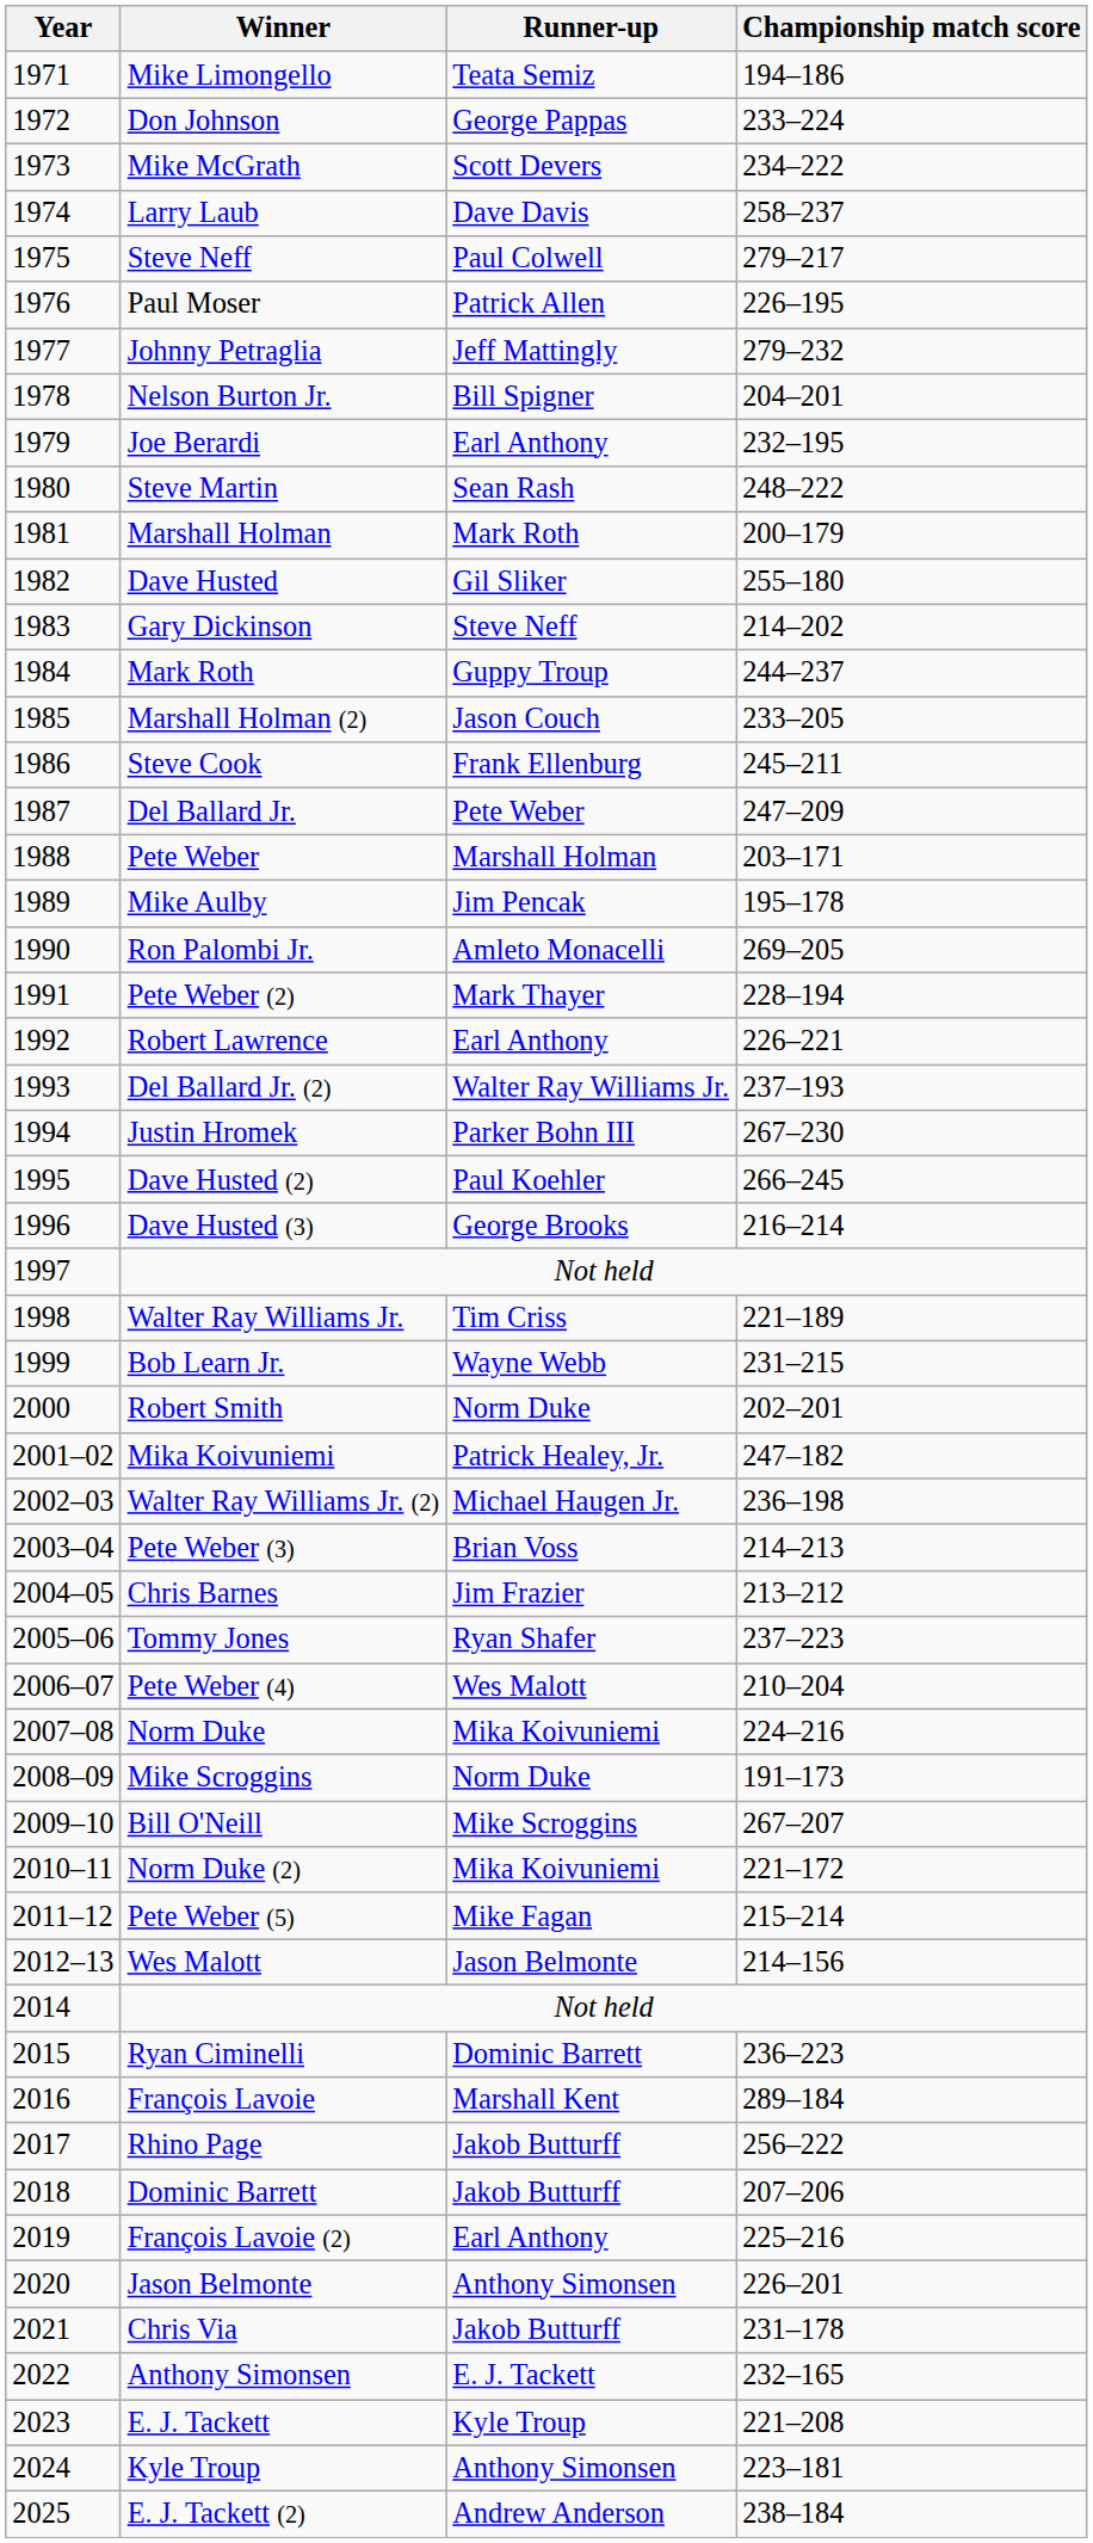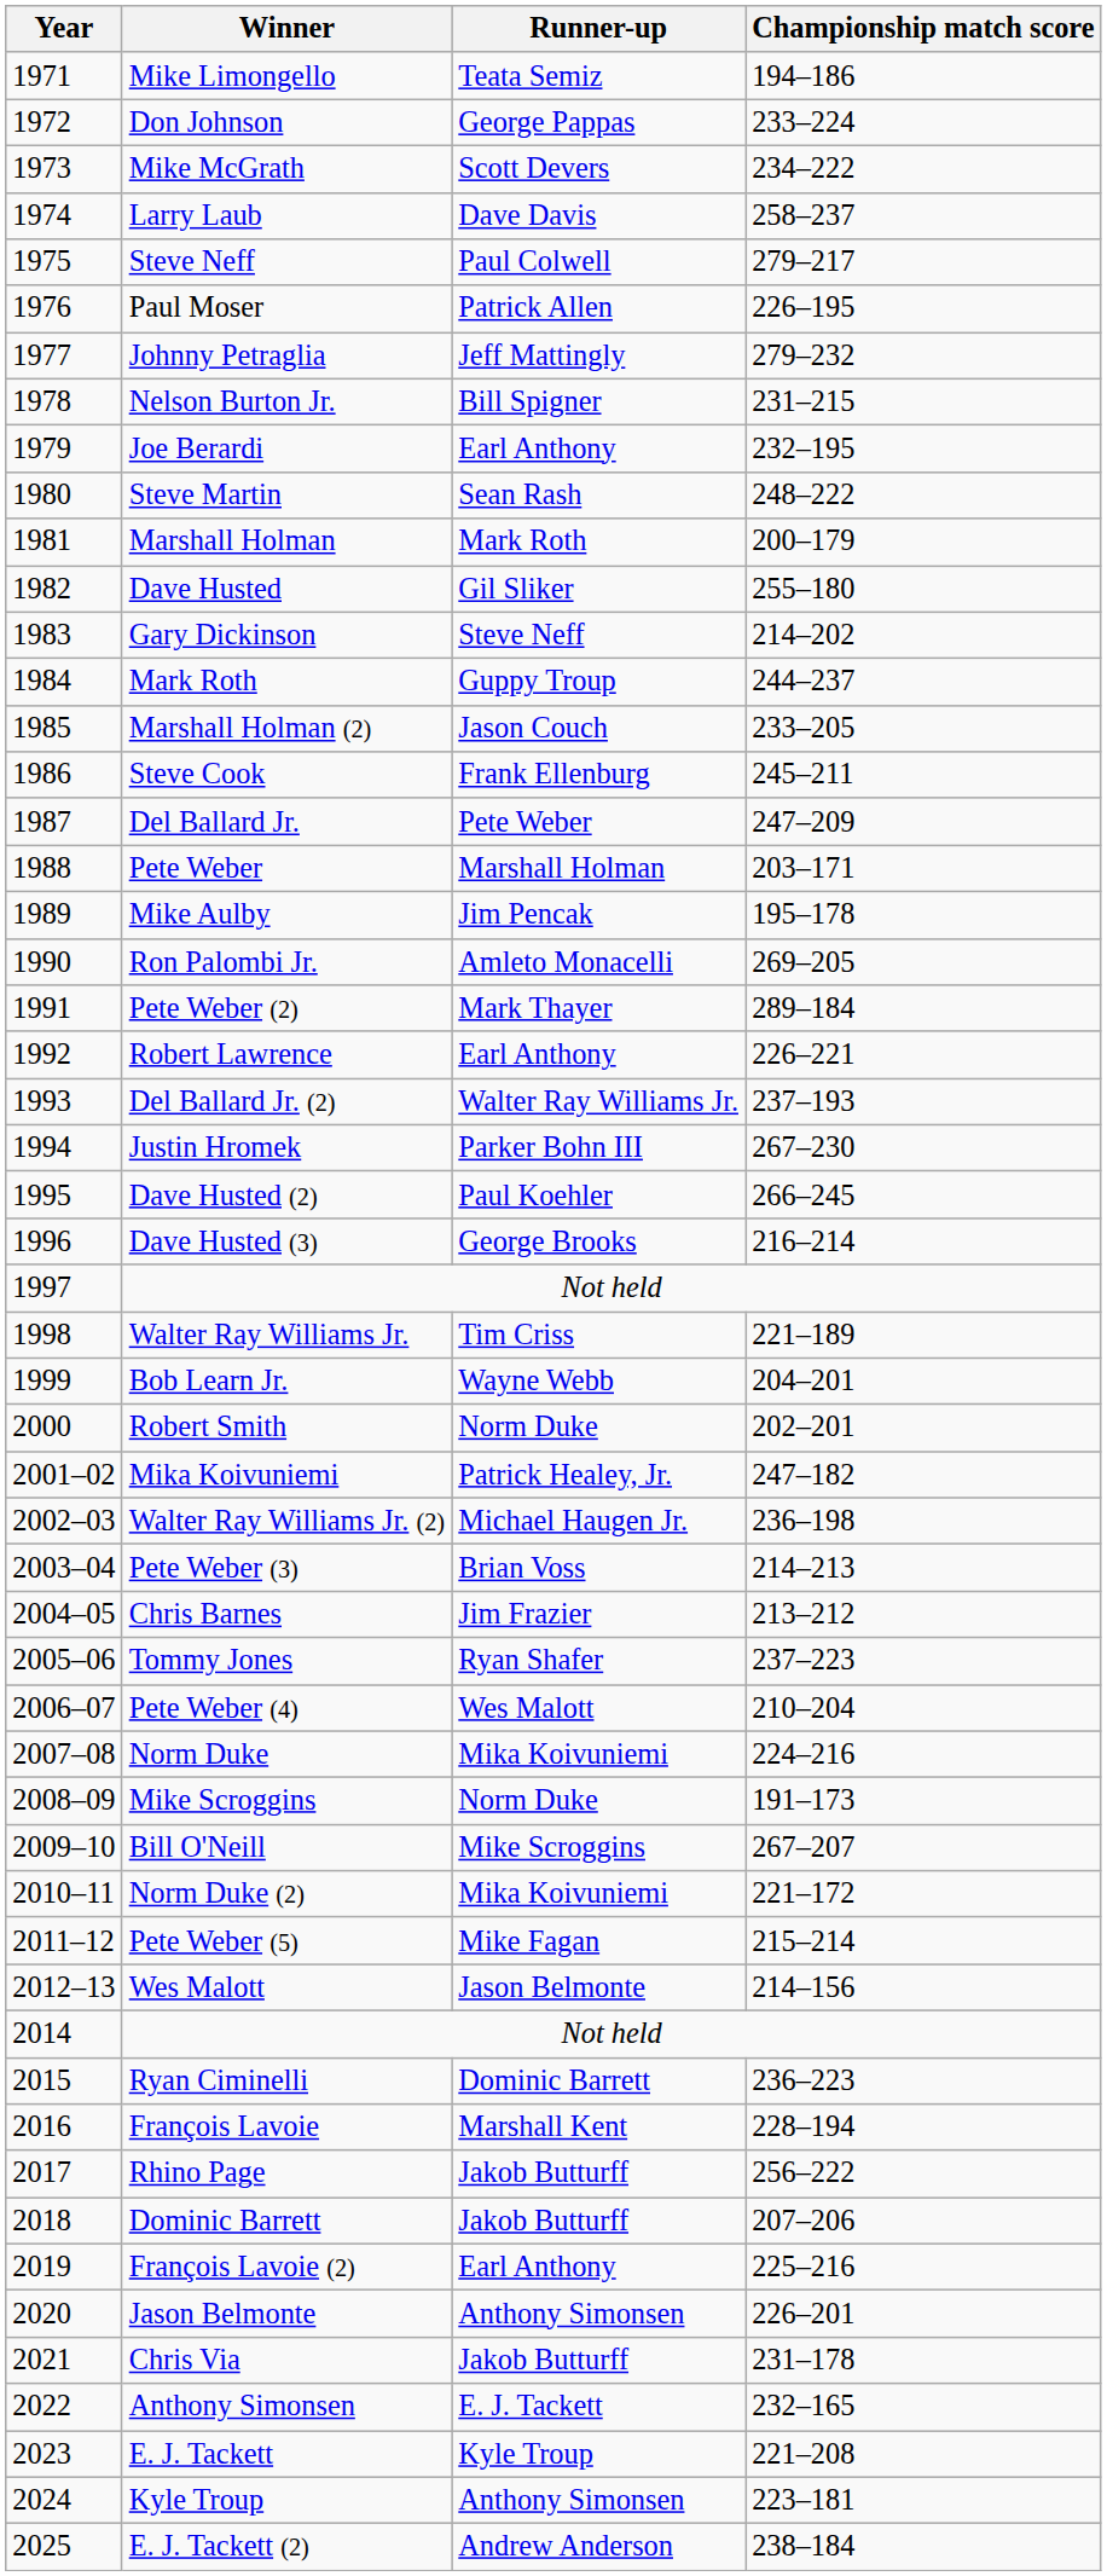 <table class="wikitable">
 <tr>
 <th>Year</th>
 <th>Winner</th>
 <th>Runner-up</th>
 <th>Championship match score</th>
 </tr>
 <tr>
 <td>1971</td>
 <td><a href='#'>Mike Limongello</a></td>
 <td><a href='#'>Teata Semiz</a></td>
 <td>194–186</td>
 </tr>
 <tr>
 <td>1972</td>
 <td><a href='#'>Don Johnson</a></td>
 <td><a href='#'>George Pappas</a></td>
 <td>233–224</td>
 </tr>
 <tr>
 <td>1973</td>
 <td><a href='#'>Mike McGrath</a></td>
 <td><a href='#'>Scott Devers</a></td>
 <td>234–222</td>
 </tr>
 <tr>
 <td>1974</td>
 <td><a href='#'>Larry Laub</a></td>
 <td><a href='#'>Dave Davis</a></td>
 <td>258–237</td>
 </tr>
 <tr>
 <td>1975</td>
 <td><a href='#'>Steve Neff</a></td>
 <td><a href='#'>Paul Colwell</a></td>
 <td>279–217</td>
 </tr>
 <tr>
 <td>1976</td>
 <td>Paul Moser</td>
 <td><a href='#'>Patrick Allen</a></td>
 <td>226–195</td>
 </tr>
 <tr>
 <td>1977</td>
 <td><a href='#'>Johnny Petraglia</a></td>
 <td><a href='#'>Jeff Mattingly</a></td>
 <td>279–232</td>
 </tr>
 <tr>
 <td>1978</td>
 <td><a href='#'>Nelson Burton Jr.</a></td>
 <td><a href='#'>Bill Spigner</a></td>
-<td>204–201</td>
+<td>231–215</td>
 </tr>
 <tr>
 <td>1979</td>
 <td><a href='#'>Joe Berardi</a></td>
 <td><a href='#'>Earl Anthony</a></td>
 <td>232–195</td>
 </tr>
 <tr>
 <td>1980</td>
 <td><a href='#'>Steve Martin</a></td>
 <td><a href='#'>Sean Rash</a></td>
 <td>248–222</td>
 </tr>
 <tr>
 <td>1981</td>
 <td><a href='#'>Marshall Holman</a></td>
 <td><a href='#'>Mark Roth</a></td>
 <td>200–179</td>
 </tr>
 <tr>
 <td>1982</td>
 <td><a href='#'>Dave Husted</a></td>
 <td><a href='#'>Gil Sliker</a></td>
 <td>255–180</td>
 </tr>
 <tr>
 <td>1983</td>
 <td><a href='#'>Gary Dickinson</a></td>
 <td><a href='#'>Steve Neff</a></td>
 <td>214–202</td>
 </tr>
 <tr>
 <td>1984</td>
 <td><a href='#'>Mark Roth</a></td>
 <td><a href='#'>Guppy Troup</a></td>
 <td>244–237</td>
 </tr>
 <tr>
 <td>1985</td>
 <td><a href='#'>Marshall Holman</a> <small>(2)</small></td>
 <td><a href='#'>Jason Couch</a></td>
 <td>233–205</td>
 </tr>
 <tr>
 <td>1986</td>
 <td><a href='#'>Steve Cook</a></td>
 <td><a href='#'>Frank Ellenburg</a></td>
 <td>245–211</td>
 </tr>
 <tr>
 <td>1987</td>
 <td><a href='#'>Del Ballard Jr.</a></td>
 <td><a href='#'>Pete Weber</a></td>
 <td>247–209</td>
 </tr>
 <tr>
 <td>1988</td>
 <td><a href='#'>Pete Weber</a></td>
 <td><a href='#'>Marshall Holman</a></td>
 <td>203–171</td>
 </tr>
 <tr>
 <td>1989</td>
 <td><a href='#'>Mike Aulby</a></td>
 <td><a href='#'>Jim Pencak</a></td>
 <td>195–178</td>
 </tr>
 <tr>
 <td>1990</td>
 <td><a href='#'>Ron Palombi Jr.</a></td>
 <td><a href='#'>Amleto Monacelli</a></td>
 <td>269–205</td>
 </tr>
 <tr>
 <td>1991</td>
 <td><a href='#'>Pete Weber</a> <small>(2)</small></td>
 <td><a href='#'>Mark Thayer</a></td>
-<td>228–194</td>
+<td>289–184</td>
 </tr>
 <tr>
 <td>1992</td>
 <td><a href='#'>Robert Lawrence</a></td>
 <td><a href='#'>Earl Anthony</a></td>
 <td>226–221</td>
 </tr>
 <tr>
 <td>1993</td>
 <td><a href='#'>Del Ballard Jr.</a> <small>(2)</small></td>
 <td><a href='#'>Walter Ray Williams Jr.</a></td>
 <td>237–193</td>
 </tr>
 <tr>
 <td>1994</td>
 <td><a href='#'>Justin Hromek</a></td>
 <td><a href='#'>Parker Bohn III</a></td>
 <td>267–230</td>
 </tr>
 <tr>
 <td>1995</td>
 <td><a href='#'>Dave Husted</a> <small>(2)</small></td>
 <td><a href='#'>Paul Koehler</a></td>
 <td>266–245</td>
 </tr>
 <tr>
 <td>1996</td>
 <td><a href='#'>Dave Husted</a> <small>(3)</small></td>
 <td><a href='#'>George Brooks</a></td>
 <td>216–214</td>
 </tr>
 <tr>
 <td>1997</td>
 <td colspan=3 align=center><em>Not held</em></td>
 </tr>
 <tr>
 <td>1998</td>
 <td><a href='#'>Walter Ray Williams Jr.</a></td>
 <td><a href='#'>Tim Criss</a></td>
 <td>221–189</td>
 </tr>
 <tr>
 <td>1999</td>
 <td><a href='#'>Bob Learn Jr.</a></td>
 <td><a href='#'>Wayne Webb</a></td>
-<td>231–215</td>
+<td>204–201</td>
 </tr>
 <tr>
 <td>2000</td>
 <td><a href='#'>Robert Smith</a></td>
 <td><a href='#'>Norm Duke</a></td>
 <td>202–201</td>
 </tr>
 <tr>
 <td>2001–02</td>
 <td><a href='#'>Mika Koivuniemi</a></td>
 <td><a href='#'>Patrick Healey, Jr.</a></td>
 <td>247–182</td>
 </tr>
 <tr>
 <td>2002–03</td>
 <td><a href='#'>Walter Ray Williams Jr.</a> <small>(2)</small></td>
 <td><a href='#'>Michael Haugen Jr.</a></td>
 <td>236–198</td>
 </tr>
 <tr>
 <td>2003–04</td>
 <td><a href='#'>Pete Weber</a> <small>(3)</small></td>
 <td><a href='#'>Brian Voss</a></td>
 <td>214–213</td>
 </tr>
 <tr>
 <td>2004–05</td>
 <td><a href='#'>Chris Barnes</a></td>
 <td><a href='#'>Jim Frazier</a></td>
 <td>213–212</td>
 </tr>
 <tr>
 <td>2005–06</td>
 <td><a href='#'>Tommy Jones</a></td>
 <td><a href='#'>Ryan Shafer</a></td>
 <td>237–223</td>
 </tr>
 <tr>
 <td>2006–07</td>
 <td><a href='#'>Pete Weber</a> <small>(4)</small></td>
 <td><a href='#'>Wes Malott</a></td>
 <td>210–204</td>
 </tr>
 <tr>
 <td>2007–08</td>
 <td><a href='#'>Norm Duke</a></td>
 <td><a href='#'>Mika Koivuniemi</a></td>
 <td>224–216</td>
 </tr>
 <tr>
 <td>2008–09</td>
 <td><a href='#'>Mike Scroggins</a></td>
 <td><a href='#'>Norm Duke</a></td>
 <td>191–173</td>
 </tr>
 <tr>
 <td>2009–10</td>
 <td><a href='#'>Bill O'Neill</a></td>
 <td><a href='#'>Mike Scroggins</a></td>
 <td>267–207</td>
 </tr>
 <tr>
 <td>2010–11</td>
 <td><a href='#'>Norm Duke</a> <small>(2)</small></td>
 <td><a href='#'>Mika Koivuniemi</a></td>
 <td>221–172</td>
 </tr>
 <tr>
 <td>2011–12</td>
 <td><a href='#'>Pete Weber</a> <small>(5)</small></td>
 <td><a href='#'>Mike Fagan</a></td>
 <td>215–214</td>
 </tr>
 <tr>
 <td>2012–13</td>
 <td><a href='#'>Wes Malott</a></td>
 <td><a href='#'>Jason Belmonte</a></td>
 <td>214–156</td>
 </tr>
 <tr>
 <td>2014</td>
 <td colspan=3 align=center><em>Not held</em></td>
 </tr>
 <tr>
 <td>2015</td>
 <td><a href='#'>Ryan Ciminelli</a></td>
 <td><a href='#'>Dominic Barrett</a></td>
 <td>236–223</td>
 </tr>
 <tr>
 <td>2016</td>
 <td><a href='#'>François Lavoie</a></td>
 <td><a href='#'>Marshall Kent</a></td>
-<td>289–184</td>
+<td>228–194</td>
 </tr>
 <tr>
 <td>2017</td>
 <td><a href='#'>Rhino Page</a></td>
 <td><a href='#'>Jakob Butturff</a></td>
 <td>256–222</td>
 </tr>
 <tr>
 <td>2018</td>
 <td><a href='#'>Dominic Barrett</a></td>
 <td><a href='#'>Jakob Butturff</a></td>
 <td>207–206</td>
 </tr>
 <tr>
 <td>2019</td>
 <td><a href='#'>François Lavoie</a> <small>(2)</small></td>
 <td><a href='#'>Earl Anthony</a></td>
 <td>225–216</td>
 </tr>
 <tr>
 <td>2020</td>
 <td><a href='#'>Jason Belmonte</a></td>
 <td><a href='#'>Anthony Simonsen</a></td>
 <td>226–201</td>
 </tr>
 <tr>
 <td>2021</td>
 <td><a href='#'>Chris Via</a></td>
 <td><a href='#'>Jakob Butturff</a></td>
 <td>231–178</td>
 </tr>
 <tr>
 <td>2022</td>
 <td><a href='#'>Anthony Simonsen</a></td>
 <td><a href='#'>E. J. Tackett</a></td>
 <td>232–165</td>
 </tr>
 <tr>
 <td>2023</td>
 <td><a href='#'>E. J. Tackett</a></td>
 <td><a href='#'>Kyle Troup</a></td>
 <td>221–208</td>
 </tr>
 <tr>
 <td>2024</td>
 <td><a href='#'>Kyle Troup</a></td>
 <td><a href='#'>Anthony Simonsen</a></td>
 <td>223–181</td>
 </tr>
 <tr>
 <td>2025</td>
 <td><a href='#'>E. J. Tackett</a> <small>(2)</small></td>
 <td><a href='#'>Andrew Anderson</a></td>
 <td>238–184</td>
 </tr>
 </table>
